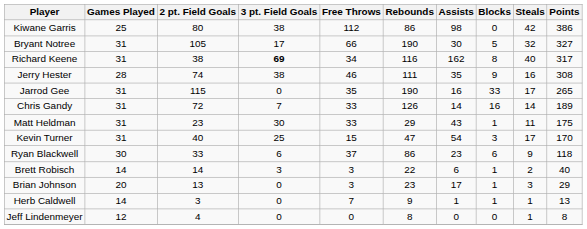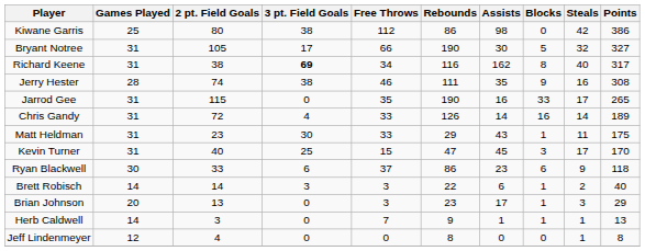 <table class="wikitable sortable" style="text-align:center">
 <tr>
 <th>Player</th>
 <th>Games Played</th>
 <th>2 pt. Field Goals</th>
 <th>3 pt. Field Goals</th>
 <th>Free Throws</th>
 <th>Rebounds</th>
 <th>Assists</th>
 <th>Blocks</th>
 <th>Steals</th>
 <th>Points</th>
 </tr>
 <tr align="center" bgcolor="">
 <td>Kiwane Garris</td>
 <td>25</td>
 <td>80</td>
 <td>38</td>
 <td>112</td>
 <td>86</td>
 <td>98</td>
 <td>0</td>
 <td>42</td>
 <td>386</td>
 </tr>
 <tr align="center" bgcolor="">
 <td>Bryant Notree</td>
 <td>31</td>
 <td>105</td>
 <td>17</td>
 <td>66</td>
 <td>190</td>
 <td>30</td>
 <td>5</td>
 <td>32</td>
 <td>327</td>
 </tr>
 <tr align="center" bgcolor="">
 <td>Richard Keene</td>
 <td>31</td>
 <td>38</td>
 <td><strong>69</strong></td>
 <td>34</td>
 <td>116</td>
 <td>162</td>
 <td>8</td>
 <td>40</td>
 <td>317</td>
 </tr>
 <tr align="center" bgcolor="">
 <td>Jerry Hester</td>
 <td>28</td>
 <td>74</td>
 <td>38</td>
 <td>46</td>
 <td>111</td>
 <td>35</td>
 <td>9</td>
 <td>16</td>
 <td>308</td>
 </tr>
 <tr align="center" bgcolor="">
 <td>Jarrod Gee</td>
 <td>31</td>
 <td>115</td>
 <td>0</td>
 <td>35</td>
 <td>190</td>
 <td>16</td>
 <td>33</td>
 <td>17</td>
 <td>265</td>
 </tr>
 <tr align="center" bgcolor="">
 <td>Chris Gandy</td>
 <td>31</td>
 <td>72</td>
-<td>7</td>
+<td>4</td>
 <td>33</td>
 <td>126</td>
 <td>14</td>
 <td>16</td>
 <td>14</td>
 <td>189</td>
 </tr>
 <tr align="center" bgcolor="">
 <td>Matt Heldman</td>
 <td>31</td>
 <td>23</td>
 <td>30</td>
 <td>33</td>
 <td>29</td>
 <td>43</td>
 <td>1</td>
 <td>11</td>
 <td>175</td>
 </tr>
 <tr align="center" bgcolor="">
 <td>Kevin Turner</td>
 <td>31</td>
 <td>40</td>
 <td>25</td>
 <td>15</td>
 <td>47</td>
-<td>54</td>
+<td>45</td>
 <td>3</td>
 <td>17</td>
 <td>170</td>
 </tr>
 <tr align="center" bgcolor="">
 <td>Ryan Blackwell</td>
 <td>30</td>
 <td>33</td>
 <td>6</td>
 <td>37</td>
 <td>86</td>
 <td>23</td>
 <td>6</td>
 <td>9</td>
 <td>118</td>
 </tr>
 <tr align="center" bgcolor="">
 <td>Brett Robisch</td>
 <td>14</td>
 <td>14</td>
 <td>3</td>
 <td>3</td>
 <td>22</td>
 <td>6</td>
 <td>1</td>
 <td>2</td>
 <td>40</td>
 </tr>
 <tr align="center" bgcolor="">
 <td>Brian Johnson</td>
 <td>20</td>
 <td>13</td>
 <td>0</td>
 <td>3</td>
 <td>23</td>
 <td>17</td>
 <td>1</td>
 <td>3</td>
 <td>29</td>
 </tr>
 <tr align="center" bgcolor="">
 <td>Herb Caldwell</td>
 <td>14</td>
 <td>3</td>
 <td>0</td>
 <td>7</td>
 <td>9</td>
 <td>1</td>
 <td>1</td>
 <td>1</td>
 <td>13</td>
 </tr>
 <tr align="center" bgcolor="">
 <td>Jeff Lindenmeyer</td>
 <td>12</td>
 <td>4</td>
 <td>0</td>
 <td>0</td>
 <td>8</td>
 <td>0</td>
 <td>0</td>
 <td>1</td>
 <td>8</td>
 </tr>
 <tr align="center" bgcolor="">
 </tr>
 </table>
